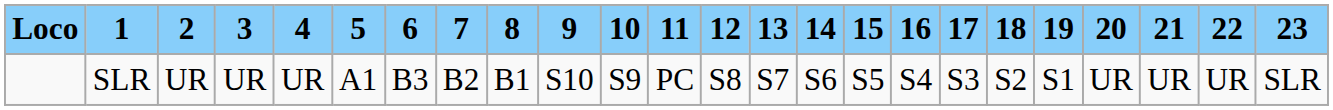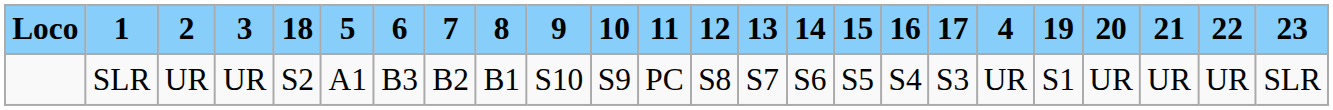 <table class="wikitable plainrowheaders unsortable" style="text-align:center">
 <tr>
 <th scope="col" rowspan="1" style="background:lightskyblue;">Loco</th>
 <th scope="col" rowspan="1" style="background:lightskyblue;">1</th>
 <th scope="col" rowspan="1" style="background:lightskyblue;">2</th>
 <th scope="col" rowspan="1" style="background:lightskyblue;">3</th>
-<th scope="col" rowspan="1" style="background:lightskyblue;">4</th>
+<th scope="col" rowspan="1" style="background:lightskyblue;">18</th>
 <th scope="col" rowspan="1" style="background:lightskyblue;">5</th>
 <th scope="col" rowspan="1" style="background:lightskyblue;">6</th>
 <th scope="col" rowspan="1" style="background:lightskyblue;">7</th>
 <th scope="col" rowspan="1" style="background:lightskyblue;">8</th>
 <th scope="col" rowspan="1" style="background:lightskyblue;">9</th>
 <th scope="col" rowspan="1" style="background:lightskyblue;">10</th>
 <th scope="col" rowspan="1" style="background:lightskyblue;">11</th>
 <th scope="col" rowspan="1" style="background:lightskyblue;">12</th>
 <th scope="col" rowspan="1" style="background:lightskyblue;">13</th>
 <th scope="col" rowspan="1" style="background:lightskyblue;">14</th>
 <th scope="col" rowspan="1" style="background:lightskyblue;">15</th>
 <th scope="col" rowspan="1" style="background:lightskyblue;">16</th>
 <th scope="col" rowspan="1" style="background:lightskyblue;">17</th>
-<th scope="col" rowspan="1" style="background:lightskyblue;">18</th>
+<th scope="col" rowspan="1" style="background:lightskyblue;">4</th>
 <th scope="col" rowspan="1" style="background:lightskyblue;">19</th>
 <th scope="col" rowspan="1" style="background:lightskyblue;">20</th>
 <th scope="col" rowspan="1" style="background:lightskyblue;">21</th>
 <th scope="col" rowspan="1" style="background:lightskyblue;">22</th>
 <th scope="col" rowspan="1" style="background:lightskyblue;">23</th>
 </tr>
 <tr>
 <td></td>
 <td>SLR</td>
 <td>UR</td>
 <td>UR</td>
-<td>UR</td>
+<td>S2</td>
 <td>A1</td>
 <td>B3</td>
 <td>B2</td>
 <td>B1</td>
 <td>S10</td>
 <td>S9</td>
 <td>PC</td>
 <td>S8</td>
 <td>S7</td>
 <td>S6</td>
 <td>S5</td>
 <td>S4</td>
 <td>S3</td>
-<td>S2</td>
+<td>UR</td>
 <td>S1</td>
 <td>UR</td>
 <td>UR</td>
 <td>UR</td>
 <td>SLR</td>
 </tr>
 </table>
